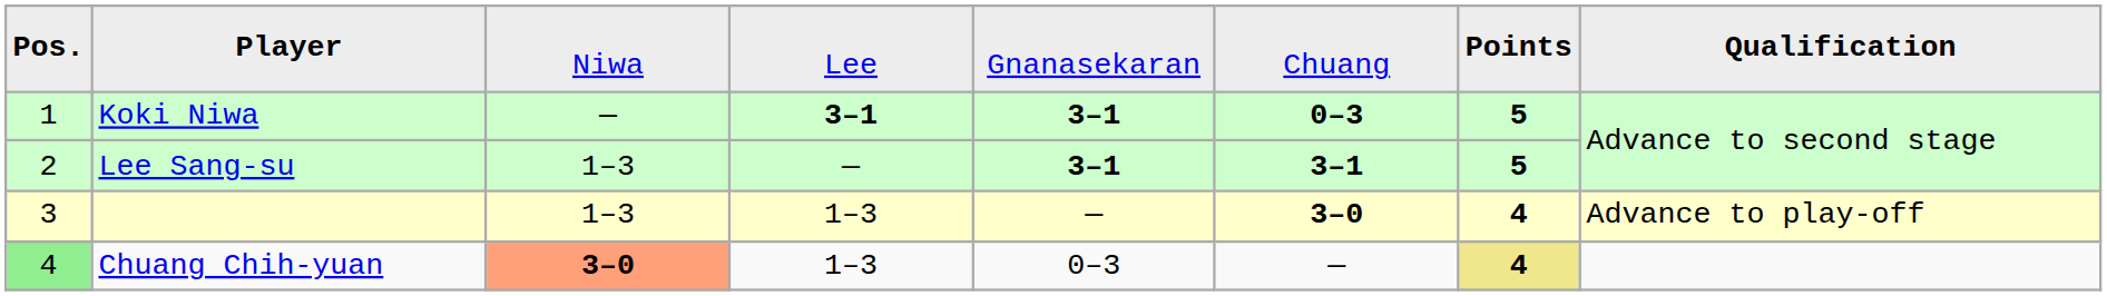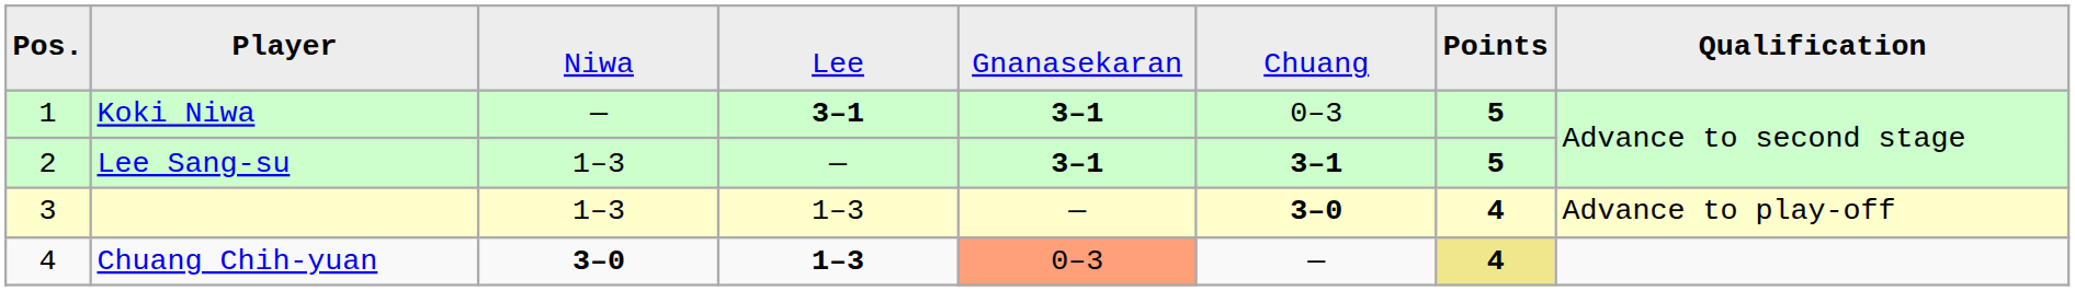 <table class="wikitable" style="font-size:90%">
 <tr style="text-align:center;">
 <td style="background-color:#ededed;" width="20"><strong>Pos.</strong></td>
 <td style="background-color:#ededed;" width="150"><strong>Player</strong></td>
 <td style="background-color:#ededed;" width="90"><br><a href='#'>Niwa</a></td>
 <td style="background-color:#ededed;" width="90"><br><a href='#'>Lee</a></td>
 <td style="background-color:#ededed;" width="90"><br><a href='#'>Gnanasekaran</a></td>
 <td style="background-color:#ededed;" width="90"><br><a href='#'>Chuang</a></td>
 <td style="background-color:#ededed;" width="40"><strong>Points</strong></td>
 <td style="background-color:#ededed;" width="200"><strong>Qualification</strong></td>
 </tr>
 <tr style="text-align:center;" bgcolor=ccffcc>
 <td>1</td>
 <td style="text-align:left;"> <a href='#'>Koki Niwa</a></td>
 <td>—</td>
 <td><strong>3–1</strong></td>
 <td><strong>3–1</strong></td>
-<td><strong>0–3</strong></td>
+<td>0–3</td>
 <td><strong>5</strong></td>
 <td rowspan=2 style="text-align:left;">Advance to second stage</td>
 </tr>
 <tr style="text-align:center;" bgcolor=ccffcc>
 <td>2</td>
 <td style="text-align:left;"> <a href='#'>Lee Sang-su</a></td>
 <td>1–3</td>
 <td>—</td>
 <td><strong>3–1</strong></td>
 <td><strong>3–1</strong></td>
 <td><strong>5</strong></td>
 </tr>
 <tr style="text-align:center;" bgcolor=ffffcc>
 <td>3</td>
 <td style="text-align:left;"></td>
 <td>1–3</td>
 <td>1–3</td>
 <td>—</td>
 <td><strong>3–0</strong></td>
 <td><strong>4</strong></td>
 <td style="text-align:left;">Advance to play-off</td>
 </tr>
 <tr style="text-align:center;">
-<td style="background: lightgreen;">4</td>
+<td>4</td>
 <td style="text-align:left;"> <a href='#'>Chuang Chih-yuan</a></td>
-<td style="background: lightsalmon;"><strong>3–0</strong></td>
-<td>1–3</td>
-<td>0–3</td>
+<td><strong>3–0</strong></td>
+<td><strong>1–3</strong></td>
+<td style="background: lightsalmon;">0–3</td>
 <td>—</td>
 <td style="background: khaki;"><strong>4</strong></td>
 <td></td>
 </tr>
 </table>
